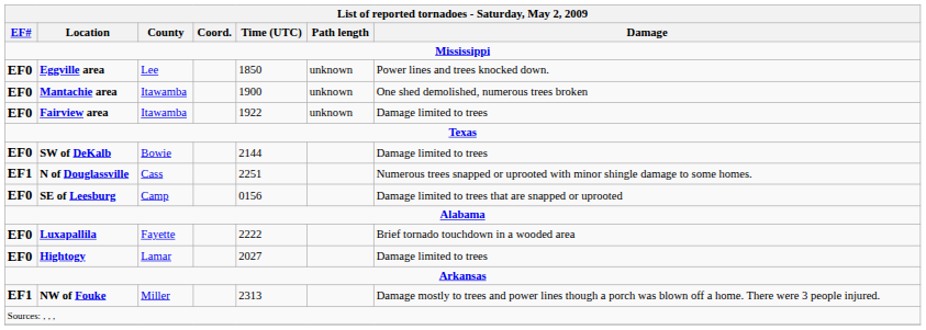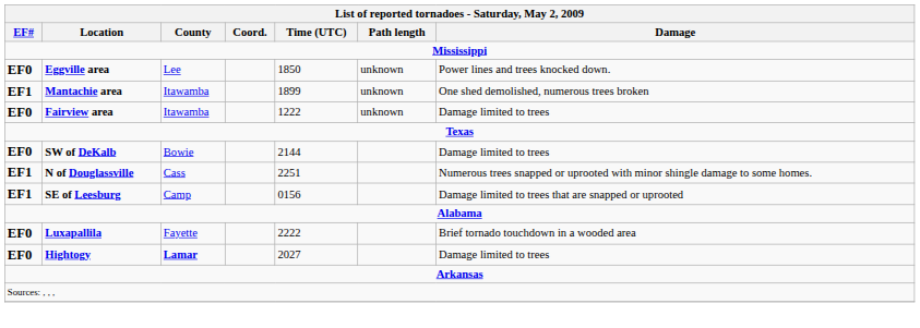 <table class="wikitable collapsible" width="100%">
 <tr>
 <th colspan="7">List of reported tornadoes - Saturday, May 2, 2009</th>
 </tr>
 <tr>
 <th><a href='#'>EF#</a></th>
 <th>Location</th>
 <th>County</th>
 <th>Coord.</th>
 <th>Time (UTC)</th>
 <th>Path length</th>
 <th>Damage</th>
 </tr>
 <tr>
 <td colspan="7" align=center><strong><a href='#'>Mississippi</a></strong></td>
 </tr>
 <tr>
 <td><big><strong>EF0</strong></big></td>
 <td><strong><a href='#'>Eggville</a> area</strong></td>
 <td><a href='#'>Lee</a></td>
 <td></td>
 <td>1850</td>
 <td>unknown</td>
 <td>Power lines and trees knocked down.</td>
 </tr>
 <tr>
-<td><big><strong>EF0</strong></big></td>
+<td><big><strong>EF1</strong></big></td>
 <td><strong><a href='#'>Mantachie</a> area</strong></td>
 <td><a href='#'>Itawamba</a></td>
 <td></td>
-<td>1900</td>
+<td>1899</td>
 <td>unknown</td>
 <td>One shed demolished, numerous trees broken</td>
 </tr>
 <tr>
 <td><big><strong>EF0</strong></big></td>
 <td><strong><a href='#'>Fairview</a> area</strong></td>
 <td><a href='#'>Itawamba</a></td>
 <td></td>
-<td>1922</td>
+<td>1222</td>
 <td>unknown</td>
 <td>Damage limited to trees</td>
 </tr>
 <tr>
 <td colspan="7" align=center><strong><a href='#'>Texas</a></strong></td>
 </tr>
 <tr>
 <td><big><strong>EF0</strong></big></td>
 <td><strong>SW of <a href='#'>DeKalb</a> </strong></td>
 <td><a href='#'>Bowie</a></td>
 <td></td>
 <td>2144</td>
 <td></td>
 <td>Damage limited to trees</td>
 </tr>
 <tr>
 <td><big><strong>EF1</strong></big></td>
 <td><strong>N of <a href='#'>Douglassville</a> </strong></td>
 <td><a href='#'>Cass</a></td>
 <td></td>
 <td>2251</td>
 <td></td>
 <td>Numerous trees snapped or uprooted with minor shingle damage to some homes.</td>
 </tr>
 <tr>
-<td><big><strong>EF0</strong></big></td>
+<td><big><strong>EF1</strong></big></td>
 <td><strong>SE of <a href='#'>Leesburg</a> </strong></td>
 <td><a href='#'>Camp</a></td>
 <td></td>
 <td>0156</td>
 <td></td>
 <td>Damage limited to trees that are snapped or uprooted</td>
 </tr>
 <tr>
 <td colspan="7" align=center><strong><a href='#'>Alabama</a></strong></td>
 </tr>
 <tr>
 <td><big><strong>EF0</strong></big></td>
 <td><strong><a href='#'>Luxapallila</a> </strong></td>
 <td><a href='#'>Fayette</a></td>
 <td></td>
 <td>2222</td>
 <td></td>
 <td>Brief tornado touchdown in a wooded area</td>
 </tr>
 <tr>
 <td><big><strong>EF0</strong></big></td>
 <td><strong><a href='#'>Hightogy</a> </strong></td>
-<td><a href='#'>Lamar</a></td>
+<td><strong><a href='#'>Lamar</a></strong></td>
 <td></td>
 <td>2027</td>
 <td></td>
 <td>Damage limited to trees</td>
 </tr>
 <tr>
 <td colspan="7" align=center><strong><a href='#'>Arkansas</a></strong></td>
 </tr>
 <tr>
-<td><big><strong>EF1</strong></big></td>
-<td><strong>NW of <a href='#'>Fouke</a> </strong></td>
-<td><a href='#'>Miller</a></td>
-<td></td>
-<td>2313</td>
-<td></td>
-<td>Damage mostly to trees and power lines though a porch was blown off a home. There were 3 people injured.</td>
-</tr>
-<tr>
 <td colspan="7"><small>Sources: , , , </small></td>
 </tr>
 <tr>
 </tr>
 </table>
